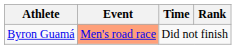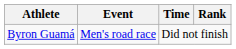 <table class="wikitable" style="font-size:90%">
 <tr>
 <th>Athlete</th>
 <th>Event</th>
 <th>Time</th>
 <th>Rank</th>
 </tr>
 <tr align=center>
 <td align=left><a href='#'>Byron Guamá</a></td>
-<td align=left style="background: lightsalmon;"><a href='#'>Men's road race</a></td>
+<td align=left><a href='#'>Men's road race</a></td>
 <td colspan=2>Did not finish</td>
 </tr>
 </table>
